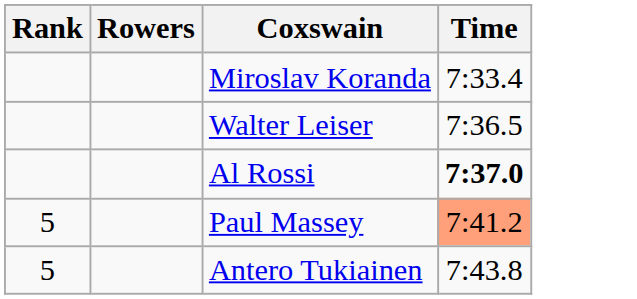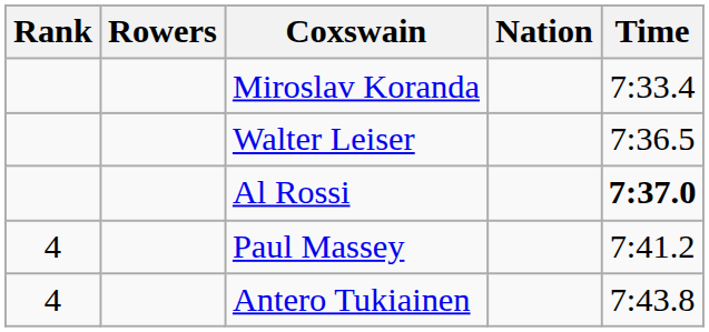 <table class="wikitable sortable" style="text-align:center">
 <tr>
 <th>Rank</th>
 <th>Rowers</th>
 <th>Coxswain</th>
+<th>Nation</th>
 <th>Time</th>
 </tr>
 <tr>
 <td></td>
 <td align=left></td>
 <td align=left><a href='#'>Miroslav Koranda</a></td>
+<td align=left></td>
 <td>7:33.4</td>
 </tr>
 <tr>
 <td></td>
 <td align=left></td>
 <td align=left><a href='#'>Walter Leiser</a></td>
+<td align=left></td>
 <td>7:36.5</td>
 </tr>
 <tr>
 <td></td>
 <td align=left></td>
 <td align=left><a href='#'>Al Rossi</a></td>
+<td align=left></td>
 <td><strong>7:37.0</strong></td>
 </tr>
 <tr>
-<td>5</td>
+<td>4</td>
 <td align=left></td>
 <td align=left><a href='#'>Paul Massey</a></td>
-<td style="background: lightsalmon;">7:41.2</td>
+<td align=left></td>
+<td>7:41.2</td>
 </tr>
 <tr>
-<td>5</td>
+<td>4</td>
 <td align=left></td>
 <td align=left><a href='#'>Antero Tukiainen</a></td>
+<td align=left></td>
 <td>7:43.8</td>
 </tr>
 </table>
